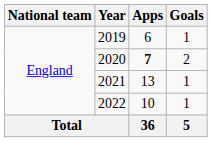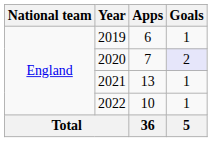 <table class="wikitable" style="text-align: center;">
 <tr>
 <th>National team</th>
 <th>Year</th>
 <th>Apps</th>
 <th>Goals</th>
 </tr>
 <tr>
 <td rowspan="4"><a href='#'>England</a></td>
 <td>2019</td>
 <td>6</td>
 <td>1</td>
 </tr>
 <tr>
 <td>2020</td>
-<td><strong>7</strong></td>
-<td>2</td>
+<td>7</td>
+<td style="background: lavender;">2</td>
 </tr>
 <tr>
 <td>2021</td>
 <td>13</td>
 <td>1</td>
 </tr>
 <tr>
 <td>2022</td>
 <td>10</td>
 <td>1</td>
 </tr>
 <tr>
 <th colspan="2">Total</th>
 <th>36</th>
 <th>5</th>
 </tr>
 </table>
